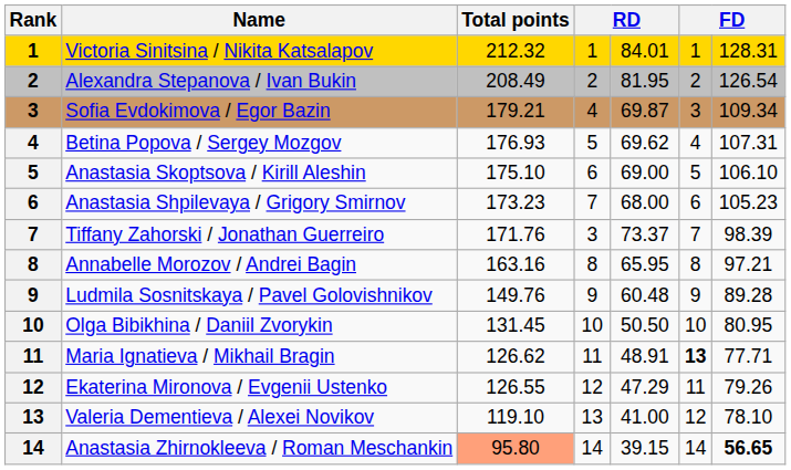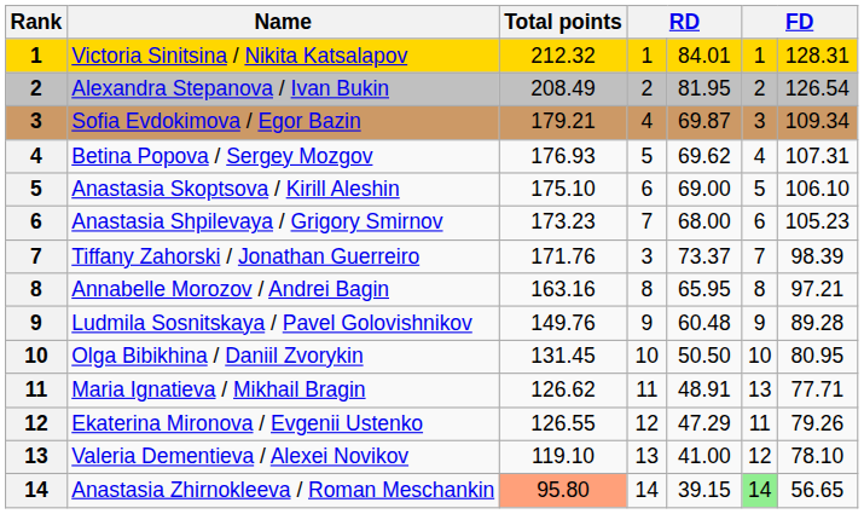 <table class="wikitable sortable">
 <tr>
 <th>Rank</th>
 <th>Name</th>
 <th>Total points</th>
 <th colspan="2" width="80px"><a href='#'>RD</a></th>
 <th colspan="2" width="80px"><a href='#'>FD</a></th>
 </tr>
 <tr bgcolor="gold">
 <td align="center"><strong>1</strong></td>
 <td><a href='#'>Victoria Sinitsina</a> / <a href='#'>Nikita Katsalapov</a></td>
 <td align="center">212.32</td>
 <td align="center">1</td>
 <td align="center">84.01</td>
 <td align="center">1</td>
 <td align="center">128.31</td>
 </tr>
 <tr bgcolor="silver">
 <td align="center"><strong>2</strong></td>
 <td><a href='#'>Alexandra Stepanova</a> / <a href='#'>Ivan Bukin</a></td>
 <td align="center">208.49</td>
 <td align="center">2</td>
 <td align="center">81.95</td>
 <td align="center">2</td>
 <td align="center">126.54</td>
 </tr>
 <tr bgcolor="cc9966">
 <td align="center"><strong>3</strong></td>
 <td><a href='#'>Sofia Evdokimova</a> / <a href='#'>Egor Bazin</a></td>
 <td align="center">179.21</td>
 <td align="center">4</td>
 <td align="center">69.87</td>
 <td align="center">3</td>
 <td align="center">109.34</td>
 </tr>
 <tr>
 <th>4</th>
 <td><a href='#'>Betina Popova</a> / <a href='#'>Sergey Mozgov</a></td>
 <td align="center">176.93</td>
 <td align="center">5</td>
 <td align="center">69.62</td>
 <td align="center">4</td>
 <td align="center">107.31</td>
 </tr>
 <tr>
 <th>5</th>
 <td><a href='#'>Anastasia Skoptsova</a> / <a href='#'>Kirill Aleshin</a></td>
 <td align="center">175.10</td>
 <td align="center">6</td>
 <td align="center">69.00</td>
 <td align="center">5</td>
 <td align="center">106.10</td>
 </tr>
 <tr>
 <th>6</th>
 <td><a href='#'>Anastasia Shpilevaya</a> / <a href='#'>Grigory Smirnov</a></td>
 <td align="center">173.23</td>
 <td align="center">7</td>
 <td align="center">68.00</td>
 <td align="center">6</td>
 <td align="center">105.23</td>
 </tr>
 <tr>
 <th>7</th>
 <td><a href='#'>Tiffany Zahorski</a> / <a href='#'>Jonathan Guerreiro</a></td>
 <td align="center">171.76</td>
 <td align="center">3</td>
 <td align="center">73.37</td>
 <td align="center">7</td>
 <td align="center">98.39</td>
 </tr>
 <tr>
 <th>8</th>
 <td><a href='#'>Annabelle Morozov</a> / <a href='#'>Andrei Bagin</a></td>
 <td align="center">163.16</td>
 <td align="center">8</td>
 <td align="center">65.95</td>
 <td align="center">8</td>
 <td align="center">97.21</td>
 </tr>
 <tr>
 <th>9</th>
 <td><a href='#'>Ludmila Sosnitskaya</a> / <a href='#'>Pavel Golovishnikov</a></td>
 <td align="center">149.76</td>
 <td align="center">9</td>
 <td align="center">60.48</td>
 <td align="center">9</td>
 <td align="center">89.28</td>
 </tr>
 <tr>
 <th>10</th>
 <td><a href='#'>Olga Bibikhina</a> / <a href='#'>Daniil Zvorykin</a></td>
 <td align="center">131.45</td>
 <td align="center">10</td>
 <td align="center">50.50</td>
 <td align="center">10</td>
 <td align="center">80.95</td>
 </tr>
 <tr>
 <th>11</th>
 <td><a href='#'>Maria Ignatieva</a> / <a href='#'>Mikhail Bragin</a></td>
 <td align="center">126.62</td>
 <td align="center">11</td>
 <td align="center">48.91</td>
-<td align="center"><strong>13</strong></td>
+<td align="center">13</td>
 <td align="center">77.71</td>
 </tr>
 <tr>
 <th>12</th>
 <td><a href='#'>Ekaterina Mironova</a> / <a href='#'>Evgenii Ustenko</a></td>
 <td align="center">126.55</td>
 <td align="center">12</td>
 <td align="center">47.29</td>
 <td align="center">11</td>
 <td align="center">79.26</td>
 </tr>
 <tr>
 <th>13</th>
 <td><a href='#'>Valeria Dementieva</a> / <a href='#'>Alexei Novikov</a></td>
 <td align="center">119.10</td>
 <td align="center">13</td>
 <td align="center">41.00</td>
 <td align="center">12</td>
 <td align="center">78.10</td>
 </tr>
 <tr>
 <th>14</th>
 <td><a href='#'>Anastasia Zhirnokleeva</a> / <a href='#'>Roman Meschankin</a></td>
 <td align="center" style="background: lightsalmon;">95.80</td>
 <td align="center">14</td>
 <td align="center">39.15</td>
-<td align="center">14</td>
-<td align="center"><strong>56.65</strong></td>
+<td align="center" style="background: lightgreen;">14</td>
+<td align="center">56.65</td>
 </tr>
 </table>
